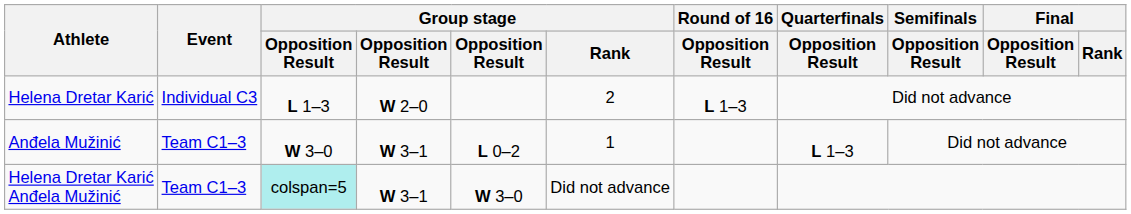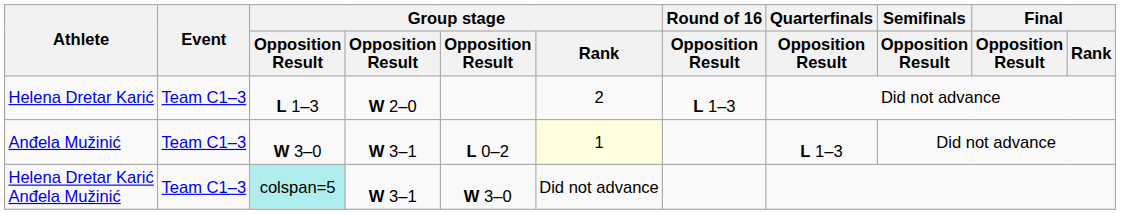 <table class=wikitable style="font-size:90%">
 <tr>
 <th rowspan="2">Athlete</th>
 <th rowspan="2">Event</th>
 <th colspan="4">Group stage</th>
 <th>Round of 16</th>
 <th>Quarterfinals</th>
 <th>Semifinals</th>
 <th colspan="2">Final</th>
 </tr>
 <tr>
 <th>Opposition<br>Result</th>
 <th>Opposition<br>Result</th>
 <th>Opposition<br>Result</th>
 <th>Rank</th>
 <th>Opposition<br>Result</th>
 <th>Opposition<br>Result</th>
 <th>Opposition<br>Result</th>
 <th>Opposition<br>Result</th>
 <th>Rank</th>
 </tr>
 <tr align=center>
 <td align=left><a href='#'>Helena Dretar Karić</a></td>
-<td align=left><a href='#'>Individual C3</a></td>
+<td align=left><a href='#'>Team C1–3</a></td>
 <td><br><strong>L</strong> 1–3</td>
 <td><br><strong>W</strong> 2–0</td>
 <td></td>
 <td>2</td>
 <td><br><strong>L</strong> 1–3</td>
 <td colspan=4>Did not advance</td>
 </tr>
 <tr align=center>
 <td align=left><a href='#'>Anđela Mužinić</a></td>
 <td align=left><a href='#'>Team C1–3</a></td>
 <td><br><strong>W</strong> 3–0</td>
 <td><br><strong>W</strong> 3–1</td>
 <td><br><strong>L</strong> 0–2</td>
-<td>1</td>
+<td style="background: lightyellow;">1</td>
 <td></td>
 <td><br><strong>L</strong> 1–3</td>
 <td colspan=3>Did not advance</td>
 </tr>
 <tr align=center>
 <td align=left><a href='#'>Helena Dretar Karić</a><br><a href='#'>Anđela Mužinić</a></td>
 <td align=left><a href='#'>Team C1–3</a></td>
 <td style="background: paleturquoise;">colspan=5 </td>
 <td><br><strong>W</strong> 3–1</td>
 <td><br><strong>W</strong> 3–0</td>
 <td>Did not advance</td>
 <td></td>
 </tr>
 </table>
